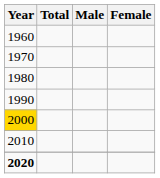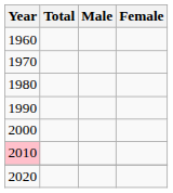 <table class="wikitable" style="text-align:center;">
 <tr>
 <th>Year</th>
 <th>Total</th>
 <th>Male</th>
 <th>Female</th>
 </tr>
 <tr>
 <td>1960</td>
 <td></td>
 <td></td>
 <td></td>
 </tr>
 <tr>
 <td>1970</td>
 <td></td>
 <td></td>
 <td></td>
 </tr>
 <tr>
 <td>1980</td>
 <td></td>
 <td></td>
 <td></td>
 </tr>
 <tr>
 <td>1990</td>
 <td></td>
 <td></td>
 <td></td>
 </tr>
 <tr>
-<td style="background: gold;">2000</td>
+<td>2000</td>
 <td></td>
 <td></td>
 <td></td>
 </tr>
 <tr>
-<td>2010</td>
+<td style="background: pink;">2010</td>
 <td></td>
 <td></td>
 <td></td>
 </tr>
 <tr>
 </tr>
 <tr>
-<td><strong>2020</strong></td>
+<td>2020</td>
 <td></td>
 <td></td>
 <td></td>
 </tr>
 </table>
